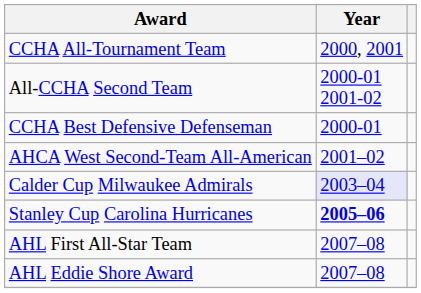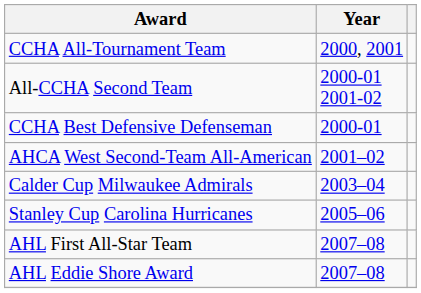 <table class="wikitable">
 <tr>
 <th>Award</th>
 <th>Year</th>
 <th></th>
 </tr>
 <tr>
 <td><a href='#'>CCHA</a> <a href='#'>All-Tournament Team</a></td>
 <td><a href='#'>2000</a>, <a href='#'>2001</a></td>
 <td></td>
 </tr>
 <tr>
 <td>All-<a href='#'>CCHA</a> <a href='#'>Second Team</a></td>
 <td><a href='#'>2000-01</a><br><a href='#'>2001-02</a></td>
 <td></td>
 </tr>
 <tr>
 <td><a href='#'>CCHA</a> <a href='#'>Best Defensive Defenseman</a></td>
 <td><a href='#'>2000-01</a></td>
 <td></td>
 </tr>
 <tr>
 <td><a href='#'>AHCA</a> <a href='#'>West Second-Team All-American</a></td>
 <td><a href='#'>2001–02</a></td>
 <td></td>
 </tr>
 <tr>
 <td><a href='#'>Calder Cup</a> <a href='#'>Milwaukee Admirals</a></td>
-<td style="background: lavender;"><a href='#'>2003–04</a></td>
+<td><a href='#'>2003–04</a></td>
 <td></td>
 </tr>
 <tr>
 <td><a href='#'>Stanley Cup</a> <a href='#'>Carolina Hurricanes</a></td>
-<td><strong><a href='#'>2005–06</a></strong></td>
+<td><a href='#'>2005–06</a></td>
 <td></td>
 </tr>
 <tr>
 <td><a href='#'>AHL</a> First All-Star Team</td>
 <td><a href='#'>2007–08</a></td>
 <td></td>
 </tr>
 <tr>
 <td><a href='#'>AHL</a> <a href='#'>Eddie Shore Award</a></td>
 <td><a href='#'>2007–08</a></td>
 <td></td>
 </tr>
 <tr>
 </tr>
 </table>
